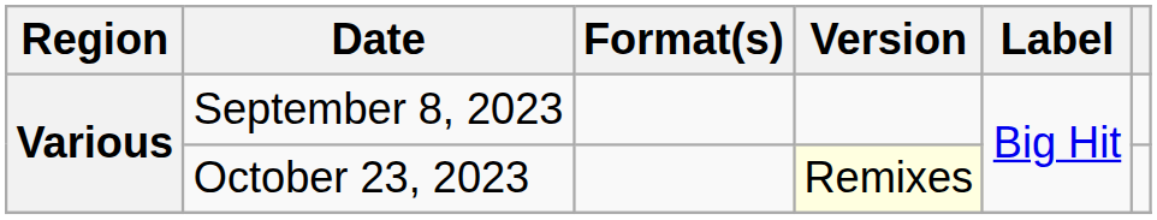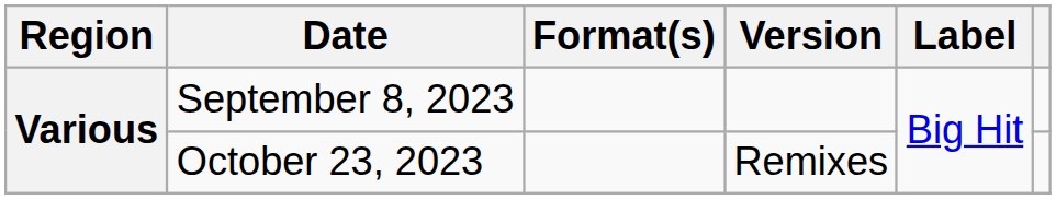 <table class="wikitable plainrowheaders">
 <tr>
 <th scope="col">Region</th>
 <th scope="col">Date</th>
 <th scope="col">Format(s)</th>
 <th scope="col">Version</th>
 <th scope="col">Label</th>
 <th scope="col"></th>
 </tr>
 <tr>
 <th scope="row" rowspan="2">Various</th>
 <td>September 8, 2023</td>
 <td></td>
 <td></td>
 <td rowspan="2"><a href='#'>Big Hit</a></td>
 <td style="text-align:center"></td>
 </tr>
 <tr>
 <td>October 23, 2023</td>
 <td></td>
-<td style="background: lightyellow;">Remixes</td>
+<td>Remixes</td>
 <td style="text-align:center"></td>
 </tr>
 <tr>
 </tr>
 </table>
